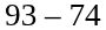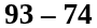 <table style="text-align:center">
 <tr>
 <th width=200></th>
 <th width=100></th>
 <th width=200></th>
 <th></th>
 </tr>
 <tr>
 <td align=right><strong></strong></td>
-<td>93 – 74</td>
+<td><strong>93 – 74</strong></td>
 <td align=left></td>
 </tr>
 </table>
